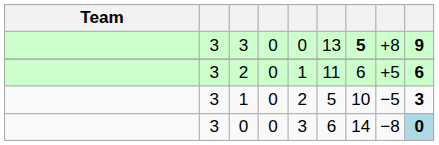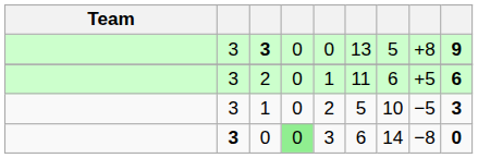 <table class="wikitable" style="text-align: center;">
 <tr>
 <th width=175>Team</th>
 <th width=20></th>
 <th width=20></th>
 <th width=20></th>
 <th width=20></th>
 <th width=20></th>
 <th width=20></th>
 <th width=20></th>
 <th width=20></th>
 </tr>
 <tr bgcolor="#ccffcc">
 <td style="text-align:left;"><em></em></td>
 <td>3</td>
-<td>3</td>
+<td><strong>3</strong></td>
 <td>0</td>
 <td>0</td>
 <td>13</td>
-<td><strong>5</strong></td>
+<td>5</td>
 <td>+8</td>
 <td><strong>9</strong></td>
 </tr>
 <tr align=center>
 </tr>
 <tr bgcolor="#ccffcc">
 <td style="text-align:left;"></td>
 <td>3</td>
 <td>2</td>
 <td>0</td>
 <td>1</td>
 <td>11</td>
 <td>6</td>
 <td>+5</td>
 <td><strong>6</strong></td>
 </tr>
 <tr align=center>
 <td style="text-align:left;"></td>
 <td>3</td>
 <td>1</td>
 <td>0</td>
 <td>2</td>
 <td>5</td>
 <td>10</td>
 <td>−5</td>
 <td><strong>3</strong></td>
 </tr>
 <tr align=center>
 <td style="text-align:left;"></td>
-<td>3</td>
+<td><strong>3</strong></td>
 <td>0</td>
-<td>0</td>
+<td style="background: lightgreen;">0</td>
 <td>3</td>
 <td>6</td>
 <td>14</td>
 <td>−8</td>
-<td style="background: lightblue;"><strong>0</strong></td>
+<td><strong>0</strong></td>
 </tr>
 </table>
